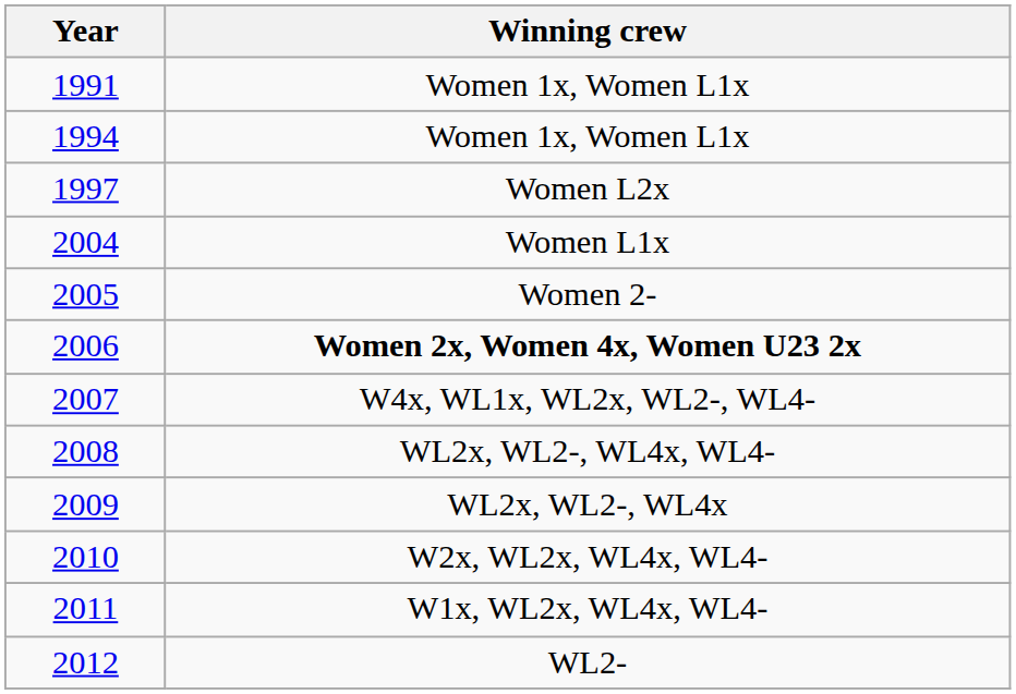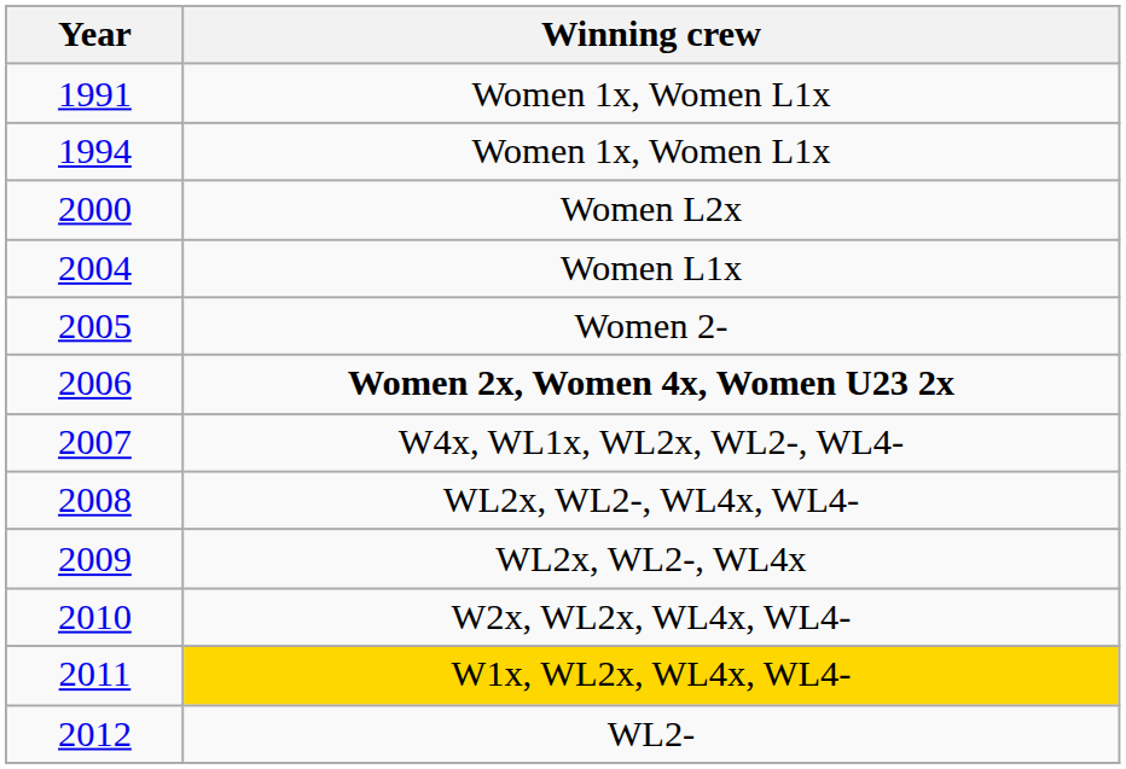 <table class="wikitable" style="text-align:center">
 <tr>
 <th width=70>Year</th>
 <th width=400>Winning crew</th>
 </tr>
 <tr>
 <td><a href='#'>1991</a></td>
 <td>Women 1x, Women L1x</td>
 </tr>
 <tr>
 <td><a href='#'>1994</a></td>
 <td>Women 1x, Women L1x</td>
 </tr>
 <tr>
-<td><a href='#'>1997</a></td>
+<td><a href='#'>2000</a></td>
 <td>Women L2x</td>
 </tr>
 <tr>
 <td><a href='#'>2004</a></td>
 <td>Women L1x </td>
 </tr>
 <tr>
 <td><a href='#'>2005</a></td>
 <td>Women 2-</td>
 </tr>
 <tr>
 <td><a href='#'>2006</a></td>
 <td><strong>Women 2x, Women 4x, Women U23 2x</strong></td>
 </tr>
 <tr>
 <td><a href='#'>2007</a></td>
 <td>W4x, WL1x, WL2x, WL2-, WL4-</td>
 </tr>
 <tr>
 <td><a href='#'>2008</a></td>
 <td>WL2x, WL2-, WL4x, WL4-</td>
 </tr>
 <tr>
 <td><a href='#'>2009</a></td>
 <td>WL2x, WL2-, WL4x</td>
 </tr>
 <tr>
 <td><a href='#'>2010</a></td>
 <td>W2x, WL2x, WL4x, WL4- </td>
 </tr>
 <tr>
 <td><a href='#'>2011</a></td>
-<td>W1x, WL2x, WL4x, WL4- </td>
+<td style="background: gold;">W1x, WL2x, WL4x, WL4- </td>
 </tr>
 <tr>
 <td><a href='#'>2012</a></td>
 <td>WL2- </td>
 </tr>
 </table>
